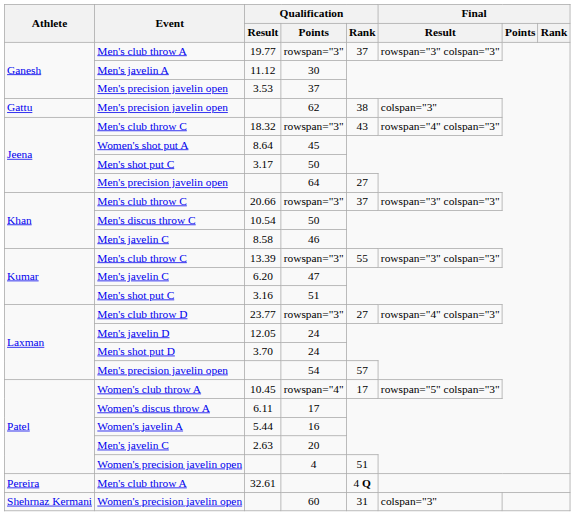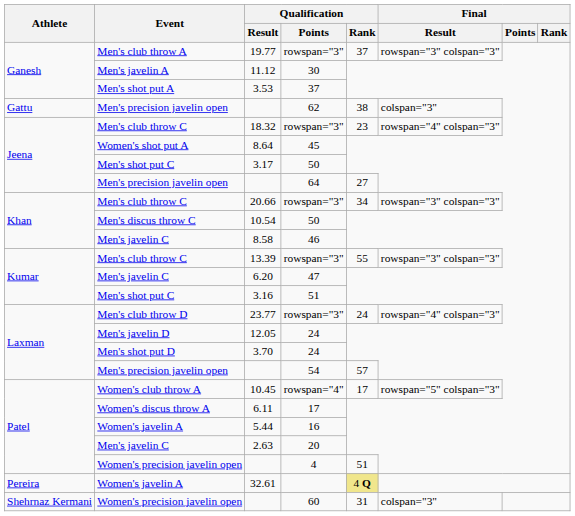 <table class=wikitable style="font-size:90%">
 <tr>
 <th rowspan="2">Athlete</th>
 <th rowspan="2">Event</th>
 <th colspan="3">Qualification</th>
 <th colspan="3">Final</th>
 </tr>
 <tr>
 <th>Result</th>
 <th>Points</th>
 <th>Rank</th>
 <th>Result</th>
 <th>Points</th>
 <th>Rank</th>
 </tr>
 <tr>
 <td rowspan="3"><a href='#'>Ganesh</a></td>
 <td><a href='#'>Men's club throw A</a></td>
 <td style="text-align:center;">19.77</td>
 <td>rowspan="3" </td>
 <td style="text-align:center;">37</td>
 <td>rowspan="3" colspan="3" </td>
 </tr>
 <tr>
 <td><a href='#'>Men's javelin A</a></td>
 <td style="text-align:center;">11.12</td>
 <td style="text-align:center;">30</td>
 </tr>
 <tr>
-<td><a href='#'>Men's precision javelin open</a></td>
+<td><a href='#'>Men's shot put A</a></td>
 <td style="text-align:center;">3.53</td>
 <td style="text-align:center;">37</td>
 </tr>
 <tr>
 <td><a href='#'>Gattu</a></td>
 <td><a href='#'>Men's precision javelin open</a></td>
 <td></td>
 <td style="text-align:center;">62</td>
 <td style="text-align:center;">38</td>
 <td>colspan="3" </td>
 </tr>
 <tr>
 <td rowspan="4"><a href='#'>Jeena</a></td>
 <td><a href='#'>Men's club throw C</a></td>
 <td style="text-align:center;">18.32</td>
 <td>rowspan="3" </td>
-<td style="text-align:center;">43</td>
+<td style="text-align:center;">23</td>
 <td>rowspan="4" colspan="3" </td>
 </tr>
 <tr>
 <td><a href='#'>Women's shot put A</a></td>
 <td style="text-align:center;">8.64</td>
 <td style="text-align:center;">45</td>
 </tr>
 <tr>
 <td><a href='#'>Men's shot put C</a></td>
 <td style="text-align:center;">3.17</td>
 <td style="text-align:center;">50</td>
 </tr>
 <tr>
 <td><a href='#'>Men's precision javelin open</a></td>
 <td></td>
 <td style="text-align:center;">64</td>
 <td style="text-align:center;">27</td>
 </tr>
 <tr>
 <td rowspan="3"><a href='#'>Khan</a></td>
 <td><a href='#'>Men's club throw C</a></td>
 <td style="text-align:center;">20.66</td>
 <td>rowspan="3" </td>
-<td style="text-align:center;">37</td>
+<td style="text-align:center;">34</td>
 <td>rowspan="3" colspan="3" </td>
 </tr>
 <tr>
 <td><a href='#'>Men's discus throw C</a></td>
 <td style="text-align:center;">10.54</td>
 <td style="text-align:center;">50</td>
 </tr>
 <tr>
 <td><a href='#'>Men's javelin C</a></td>
 <td style="text-align:center;">8.58</td>
 <td style="text-align:center;">46</td>
 </tr>
 <tr>
 <td rowspan="3"><a href='#'>Kumar</a></td>
 <td><a href='#'>Men's club throw C</a></td>
 <td style="text-align:center;">13.39</td>
 <td>rowspan="3" </td>
 <td style="text-align:center;">55</td>
 <td>rowspan="3" colspan="3" </td>
 </tr>
 <tr>
 <td><a href='#'>Men's javelin C</a></td>
 <td style="text-align:center;">6.20</td>
 <td style="text-align:center;">47</td>
 </tr>
 <tr>
 <td><a href='#'>Men's shot put C</a></td>
 <td style="text-align:center;">3.16</td>
 <td style="text-align:center;">51</td>
 </tr>
 <tr>
 <td rowspan="4"><a href='#'>Laxman</a></td>
 <td><a href='#'>Men's club throw D</a></td>
 <td style="text-align:center;">23.77</td>
 <td>rowspan="3" </td>
-<td style="text-align:center;">27</td>
+<td style="text-align:center;">24</td>
 <td>rowspan="4" colspan="3" </td>
 </tr>
 <tr>
 <td><a href='#'>Men's javelin D</a></td>
 <td style="text-align:center;">12.05</td>
 <td style="text-align:center;">24</td>
 </tr>
 <tr>
 <td><a href='#'>Men's shot put D</a></td>
 <td style="text-align:center;">3.70</td>
 <td style="text-align:center;">24</td>
 </tr>
 <tr>
 <td><a href='#'>Men's precision javelin open</a></td>
 <td></td>
 <td style="text-align:center;">54</td>
 <td style="text-align:center;">57</td>
 </tr>
 <tr>
 <td rowspan="5"><a href='#'>Patel</a></td>
 <td><a href='#'>Women's club throw A</a></td>
 <td style="text-align:center;">10.45</td>
 <td>rowspan="4" </td>
 <td style="text-align:center;">17</td>
 <td>rowspan="5" colspan="3" </td>
 </tr>
 <tr>
 <td><a href='#'>Women's discus throw A</a></td>
 <td style="text-align:center;">6.11</td>
 <td style="text-align:center;">17</td>
 </tr>
 <tr>
 <td><a href='#'>Women's javelin A</a></td>
 <td style="text-align:center;">5.44</td>
 <td style="text-align:center;">16</td>
 </tr>
 <tr>
 <td><a href='#'>Men's javelin C</a></td>
 <td style="text-align:center;">2.63</td>
 <td style="text-align:center;">20</td>
 </tr>
 <tr>
 <td><a href='#'>Women's precision javelin open</a></td>
 <td></td>
 <td style="text-align:center;">4</td>
 <td style="text-align:center;">51</td>
 </tr>
 <tr>
 <td><a href='#'>Pereira</a></td>
-<td><a href='#'>Men's club throw A</a></td>
+<td><a href='#'>Women's javelin A</a></td>
 <td style="text-align:center;">32.61</td>
 <td></td>
-<td style="text-align:center;">4 <strong>Q</strong></td>
+<td style="background: khaki; text-align:center;">4 <strong>Q</strong></td>
 <td style="text-align:center;" colspan="3"></td>
 </tr>
 <tr>
 <td><a href='#'>Shehrnaz Kermani</a></td>
 <td><a href='#'>Women's precision javelin open</a></td>
 <td></td>
 <td style="text-align:center;">60</td>
 <td style="text-align:center;">31</td>
 <td>colspan="3" </td>
 </tr>
 </table>
